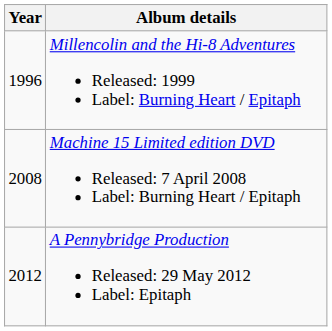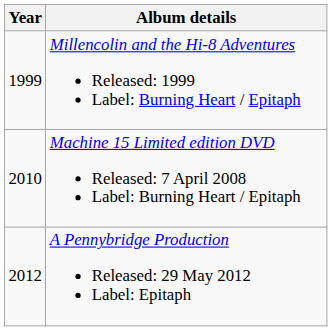 <table class="wikitable">
 <tr>
 <th>Year</th>
 <th style="width:260px;">Album details</th>
 </tr>
 <tr>
-<td>1996</td>
+<td>1999</td>
 <td><em><a href='#'>Millencolin and the Hi-8 Adventures</a></em><br><ul><li>Released: 1999</li><li>Label: <a href='#'>Burning Heart</a> / <a href='#'>Epitaph</a></li></ul></td>
 </tr>
 <tr>
-<td>2008</td>
+<td>2010</td>
 <td><em><a href='#'>Machine 15 Limited edition DVD</a> </em><br><ul><li>Released: 7 April 2008</li><li>Label: Burning Heart / Epitaph</li></ul></td>
 </tr>
 <tr>
 <td>2012</td>
 <td><em><a href='#'>A Pennybridge Production</a></em><br><ul><li>Released: 29 May 2012</li><li>Label: Epitaph</li></ul></td>
 </tr>
 </table>
